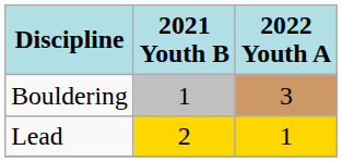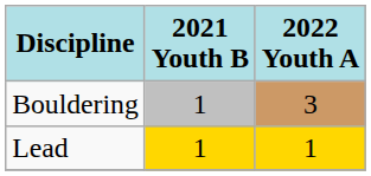 <table class="wikitable" style="text-align: center;">
 <tr>
 <th style="background: #b0e0e6;">Discipline</th>
 <th style="background: #b0e0e6;">2021<br>Youth B</th>
 <th style="background: #b0e0e6;">2022<br>Youth A</th>
 </tr>
 <tr>
 <td align="left">Bouldering</td>
 <td style="background: Silver">1</td>
 <td style="background: #cc9966">3</td>
 </tr>
 <tr>
 <td align="left">Lead</td>
-<td style="background: Gold">2</td>
+<td style="background: Gold">1</td>
 <td style="background: Gold">1</td>
 </tr>
 <tr>
 </tr>
 </table>
